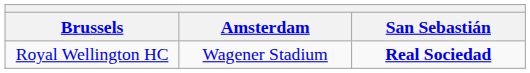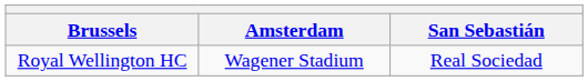 <table class="wikitable" style="text-align:center;margin: 1em auto;">
 <tr>
 <th rowspan="1" colspan="3"></th>
 </tr>
 <tr>
 <th style= "width:150px"> <a href='#'>Brussels</a></th>
 <th style= "width:150px"> <a href='#'>Amsterdam</a></th>
 <th style= "width:150px"> <a href='#'>San Sebastián</a></th>
 </tr>
 <tr>
 <td><a href='#'>Royal Wellington HC</a></td>
 <td><a href='#'>Wagener Stadium</a></td>
-<td><strong><a href='#'>Real Sociedad</a></strong></td>
+<td><a href='#'>Real Sociedad</a></td>
 </tr>
 </table>
